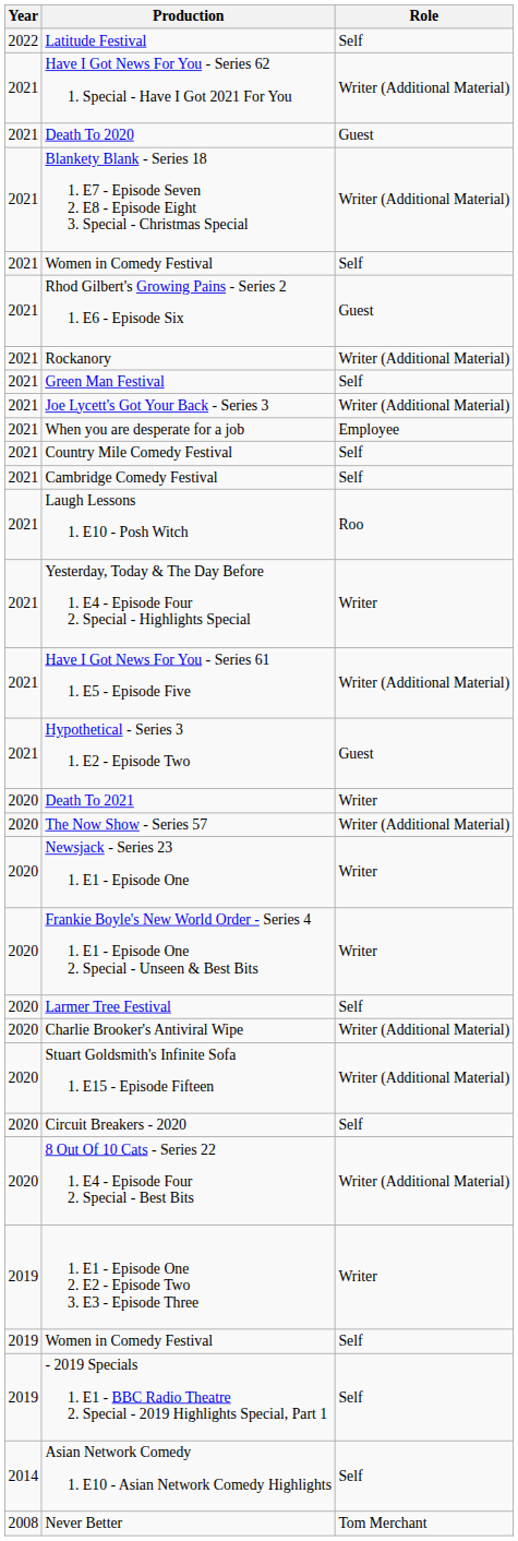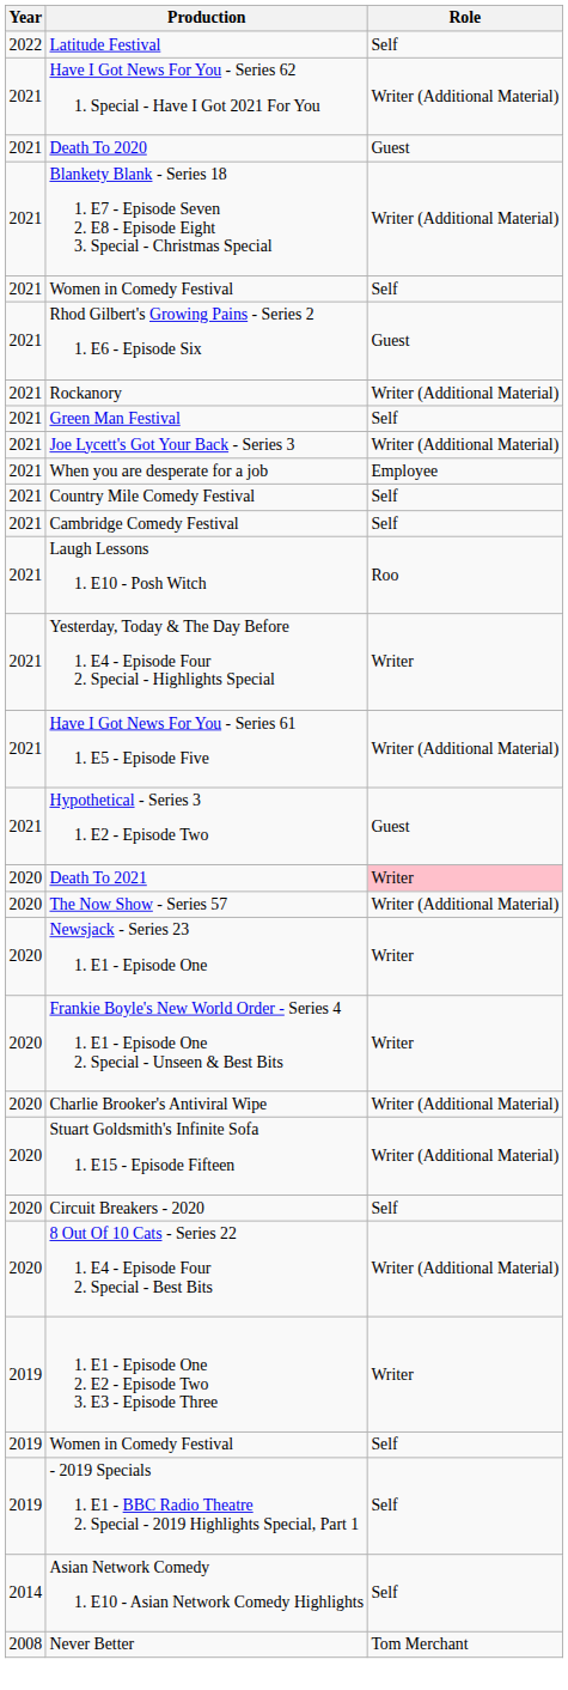 <table class="wikitable">
 <tr>
 <th>Year</th>
 <th>Production</th>
 <th>Role</th>
 </tr>
 <tr>
 <td>2022</td>
 <td><a href='#'>Latitude Festival</a></td>
 <td>Self</td>
 </tr>
 <tr>
 <td>2021</td>
 <td><a href='#'>Have I Got News For You</a> - Series 62<br><ol><li>Special - Have I Got 2021 For You</li></ol></td>
 <td>Writer (Additional Material)</td>
 </tr>
 <tr>
 <td>2021</td>
 <td><a href='#'>Death To 2020</a></td>
 <td>Guest</td>
 </tr>
 <tr>
 <td>2021</td>
 <td><a href='#'>Blankety Blank</a> - Series 18<br><ol><li>E7 - Episode Seven</li><li>E8 - Episode Eight</li><li>Special - Christmas Special</li></ol></td>
 <td>Writer (Additional Material)</td>
 </tr>
 <tr>
 <td>2021</td>
 <td>Women in Comedy Festival</td>
 <td>Self</td>
 </tr>
 <tr>
 <td>2021</td>
 <td>Rhod Gilbert's <a href='#'>Growing Pains</a> - Series 2<br><ol><li>E6 - Episode Six</li></ol></td>
 <td>Guest</td>
 </tr>
 <tr>
 <td>2021</td>
 <td>Rockanory</td>
 <td>Writer (Additional Material)</td>
 </tr>
 <tr>
 <td>2021</td>
 <td><a href='#'>Green Man Festival</a></td>
 <td>Self</td>
 </tr>
 <tr>
 <td>2021</td>
 <td><a href='#'>Joe Lycett's Got Your Back</a> - Series 3</td>
 <td>Writer (Additional Material)</td>
 </tr>
 <tr>
 <td>2021</td>
 <td>When you are desperate for a job</td>
 <td>Employee</td>
 </tr>
 <tr>
 <td>2021</td>
 <td>Country Mile Comedy Festival</td>
 <td>Self</td>
 </tr>
 <tr>
 <td>2021</td>
 <td>Cambridge Comedy Festival</td>
 <td>Self</td>
 </tr>
 <tr>
 <td>2021</td>
 <td>Laugh Lessons<br><ol><li>E10 - Posh Witch</li></ol></td>
 <td>Roo</td>
 </tr>
 <tr>
 <td>2021</td>
 <td>Yesterday, Today & The Day Before<br><ol><li>E4 - Episode Four</li><li>Special - Highlights Special</li></ol></td>
 <td>Writer</td>
 </tr>
 <tr>
 <td>2021</td>
 <td><a href='#'>Have I Got News For You</a> - Series 61<br><ol><li>E5 - Episode Five</li></ol></td>
 <td>Writer (Additional Material)</td>
 </tr>
 <tr>
 <td>2021</td>
 <td><a href='#'>Hypothetical</a> - Series 3<br><ol><li>E2 - Episode Two</li></ol></td>
 <td>Guest</td>
 </tr>
 <tr>
 <td>2020</td>
 <td><a href='#'>Death To 2021</a></td>
-<td>Writer</td>
+<td style="background: pink;">Writer</td>
 </tr>
 <tr>
 <td>2020</td>
 <td><a href='#'>The Now Show</a> - Series 57</td>
 <td>Writer (Additional Material)</td>
 </tr>
 <tr>
 <td>2020</td>
 <td><a href='#'>Newsjack</a> - Series 23<br><ol><li>E1 - Episode One</li></ol></td>
 <td>Writer</td>
 </tr>
 <tr>
 <td>2020</td>
 <td><a href='#'>Frankie Boyle's New World Order -</a> Series 4<br><ol><li>E1 - Episode One</li><li>Special - Unseen & Best Bits</li></ol></td>
 <td>Writer</td>
-</tr>
-<tr>
-<td>2020</td>
-<td><a href='#'>Larmer Tree Festival</a></td>
-<td>Self</td>
 </tr>
 <tr>
 <td>2020</td>
 <td>Charlie Brooker's Antiviral Wipe</td>
 <td>Writer (Additional Material)</td>
 </tr>
 <tr>
 <td>2020</td>
 <td>Stuart Goldsmith's Infinite Sofa<br><ol><li>E15 - Episode Fifteen</li></ol></td>
 <td>Writer (Additional Material)</td>
 </tr>
 <tr>
 <td>2020</td>
 <td>Circuit Breakers - 2020</td>
 <td>Self</td>
 </tr>
 <tr>
 <td>2020</td>
 <td><a href='#'>8 Out Of 10 Cats</a> - Series 22<br><ol><li>E4 - Episode Four</li><li>Special - Best Bits</li></ol></td>
 <td>Writer (Additional Material)</td>
 </tr>
 <tr>
 <td>2019</td>
 <td><br><ol><li>E1 - Episode One</li><li>E2 - Episode Two</li><li>E3 - Episode Three</li></ol></td>
 <td>Writer</td>
 </tr>
 <tr>
 <td>2019</td>
 <td>Women in Comedy Festival</td>
 <td>Self</td>
 </tr>
 <tr>
 <td>2019</td>
 <td> - 2019 Specials<br><ol><li>E1 - <a href='#'>BBC Radio Theatre</a></li><li>Special - 2019 Highlights Special, Part 1</li></ol></td>
 <td>Self</td>
 </tr>
 <tr>
 <td>2014</td>
 <td>Asian Network Comedy<br><ol><li>E10 - Asian Network Comedy Highlights</li></ol></td>
 <td>Self</td>
 </tr>
 <tr>
 <td>2008</td>
 <td>Never Better</td>
 <td>Tom Merchant</td>
 </tr>
 </table>
